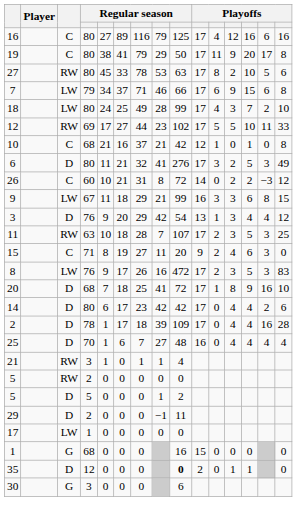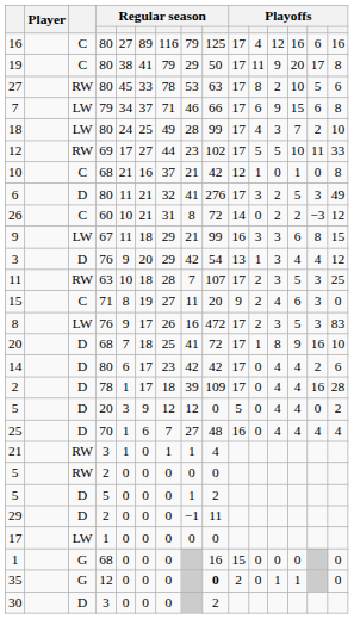 <table class="wikitable sortable plainrowheaders" style="text-align:center;">
 <tr>
 <th scope="col" data-sort-type="number" rowspan="2"></th>
 <th scope="col" rowspan="2">Player</th>
 <th scope="col" rowspan="2"></th>
 <th scope=colgroup colspan=6>Regular season</th>
 <th scope=colgroup colspan=6>Playoffs</th>
 </tr>
 <tr>
 <th scope="col" data-sort-type="number"></th>
 <th scope="col" data-sort-type="number"></th>
 <th scope="col" data-sort-type="number"></th>
 <th scope="col" data-sort-type="number"></th>
 <th scope="col" data-sort-type="number"></th>
 <th scope="col" data-sort-type="number"></th>
 <th scope="col" data-sort-type="number"></th>
 <th scope="col" data-sort-type="number"></th>
 <th scope="col" data-sort-type="number"></th>
 <th scope="col" data-sort-type="number"></th>
 <th scope="col" data-sort-type="number"></th>
 <th scope="col" data-sort-type="number"></th>
 </tr>
 <tr>
 <td scope="row">16</td>
 <td align="left"></td>
 <td>C</td>
 <td>80</td>
 <td>27</td>
 <td>89</td>
 <td>116</td>
 <td>79</td>
 <td>125</td>
 <td>17</td>
 <td>4</td>
 <td>12</td>
 <td>16</td>
 <td>6</td>
 <td>16</td>
 </tr>
 <tr>
 <td scope="row">19</td>
 <td align="left"></td>
 <td>C</td>
 <td>80</td>
 <td>38</td>
 <td>41</td>
 <td>79</td>
 <td>29</td>
 <td>50</td>
 <td>17</td>
 <td>11</td>
 <td>9</td>
 <td>20</td>
 <td>17</td>
 <td>8</td>
 </tr>
 <tr>
 <td scope="row">27</td>
 <td align="left"></td>
 <td>RW</td>
 <td>80</td>
 <td>45</td>
 <td>33</td>
 <td>78</td>
 <td>53</td>
 <td>63</td>
 <td>17</td>
 <td>8</td>
 <td>2</td>
 <td>10</td>
 <td>5</td>
 <td>6</td>
 </tr>
 <tr>
 <td scope="row">7</td>
 <td align="left"></td>
 <td>LW</td>
 <td>79</td>
 <td>34</td>
 <td>37</td>
 <td>71</td>
 <td>46</td>
 <td>66</td>
 <td>17</td>
 <td>6</td>
 <td>9</td>
 <td>15</td>
 <td>6</td>
 <td>8</td>
 </tr>
 <tr>
 <td scope="row">18</td>
 <td align="left"></td>
 <td>LW</td>
 <td>80</td>
 <td>24</td>
 <td>25</td>
 <td>49</td>
 <td>28</td>
 <td>99</td>
 <td>17</td>
 <td>4</td>
 <td>3</td>
 <td>7</td>
 <td>2</td>
 <td>10</td>
 </tr>
 <tr>
 <td scope="row">12</td>
 <td align="left"></td>
 <td>RW</td>
 <td>69</td>
 <td>17</td>
 <td>27</td>
 <td>44</td>
 <td>23</td>
 <td>102</td>
 <td>17</td>
 <td>5</td>
 <td>5</td>
 <td>10</td>
 <td>11</td>
 <td>33</td>
 </tr>
 <tr>
 <td scope="row">10</td>
 <td align="left"></td>
 <td>C</td>
 <td>68</td>
 <td>21</td>
 <td>16</td>
 <td>37</td>
 <td>21</td>
 <td>42</td>
 <td>12</td>
 <td>1</td>
 <td>0</td>
 <td>1</td>
 <td>0</td>
 <td>8</td>
 </tr>
 <tr>
 <td scope="row">6</td>
 <td align="left"></td>
 <td>D</td>
 <td>80</td>
 <td>11</td>
 <td>21</td>
 <td>32</td>
 <td>41</td>
 <td>276</td>
 <td>17</td>
 <td>3</td>
 <td>2</td>
 <td>5</td>
 <td>3</td>
 <td>49</td>
 </tr>
 <tr>
 <td scope="row">26</td>
 <td align="left"></td>
 <td>C</td>
 <td>60</td>
 <td>10</td>
 <td>21</td>
 <td>31</td>
 <td>8</td>
 <td>72</td>
 <td>14</td>
 <td>0</td>
 <td>2</td>
 <td>2</td>
 <td>−3</td>
 <td>12</td>
 </tr>
 <tr>
 <td scope="row">9</td>
 <td align="left"></td>
 <td>LW</td>
 <td>67</td>
 <td>11</td>
 <td>18</td>
 <td>29</td>
 <td>21</td>
 <td>99</td>
 <td>16</td>
 <td>3</td>
 <td>3</td>
 <td>6</td>
 <td>8</td>
 <td>15</td>
 </tr>
 <tr>
 <td scope="row">3</td>
 <td align="left"></td>
 <td>D</td>
 <td>76</td>
 <td>9</td>
 <td>20</td>
 <td>29</td>
 <td>42</td>
 <td>54</td>
 <td>13</td>
 <td>1</td>
 <td>3</td>
 <td>4</td>
 <td>4</td>
 <td>12</td>
 </tr>
 <tr>
 <td scope="row">11</td>
 <td align="left"></td>
 <td>RW</td>
 <td>63</td>
 <td>10</td>
 <td>18</td>
 <td>28</td>
 <td>7</td>
 <td>107</td>
 <td>17</td>
 <td>2</td>
 <td>3</td>
 <td>5</td>
 <td>3</td>
 <td>25</td>
 </tr>
 <tr>
 <td scope="row">15</td>
 <td align="left"></td>
 <td>C</td>
 <td>71</td>
 <td>8</td>
 <td>19</td>
 <td>27</td>
 <td>11</td>
 <td>20</td>
 <td>9</td>
 <td>2</td>
 <td>4</td>
 <td>6</td>
 <td>3</td>
 <td>0</td>
 </tr>
 <tr>
 <td scope="row">8</td>
 <td align="left"></td>
 <td>LW</td>
 <td>76</td>
 <td>9</td>
 <td>17</td>
 <td>26</td>
 <td>16</td>
 <td>472</td>
 <td>17</td>
 <td>2</td>
 <td>3</td>
 <td>5</td>
 <td>3</td>
 <td>83</td>
 </tr>
 <tr>
 <td scope="row">20</td>
 <td align="left"></td>
 <td>D</td>
 <td>68</td>
 <td>7</td>
 <td>18</td>
 <td>25</td>
 <td>41</td>
 <td>72</td>
 <td>17</td>
 <td>1</td>
 <td>8</td>
 <td>9</td>
 <td>16</td>
 <td>10</td>
 </tr>
 <tr>
 <td scope="row">14</td>
 <td align="left"></td>
 <td>D</td>
 <td>80</td>
 <td>6</td>
 <td>17</td>
 <td>23</td>
 <td>42</td>
 <td>42</td>
 <td>17</td>
 <td>0</td>
 <td>4</td>
 <td>4</td>
 <td>2</td>
 <td>6</td>
 </tr>
 <tr>
 <td scope="row">2</td>
 <td align="left"></td>
 <td>D</td>
 <td>78</td>
 <td>1</td>
 <td>17</td>
 <td>18</td>
 <td>39</td>
 <td>109</td>
 <td>17</td>
 <td>0</td>
 <td>4</td>
 <td>4</td>
 <td>16</td>
 <td>28</td>
 </tr>
 <tr>
+<td scope="row">5</td>
+<td align="left"></td>
+<td>D</td>
+<td>20</td>
+<td>3</td>
+<td>9</td>
+<td>12</td>
+<td>12</td>
+<td>0</td>
+<td>5</td>
+<td>0</td>
+<td>4</td>
+<td>4</td>
+<td>0</td>
+<td>2</td>
+</tr>
+<tr>
 <td scope="row">25</td>
 <td align="left"></td>
 <td>D</td>
 <td>70</td>
 <td>1</td>
 <td>6</td>
 <td>7</td>
 <td>27</td>
 <td>48</td>
 <td>16</td>
 <td>0</td>
 <td>4</td>
 <td>4</td>
 <td>4</td>
 <td>4</td>
 </tr>
 <tr>
 <td scope="row">21</td>
 <td align="left"></td>
 <td>RW</td>
 <td>3</td>
 <td>1</td>
 <td>0</td>
 <td>1</td>
 <td>1</td>
 <td>4</td>
 <td></td>
 <td></td>
 <td></td>
 <td></td>
 <td></td>
 <td></td>
 </tr>
 <tr>
 <td scope="row">5</td>
 <td align="left"></td>
 <td>RW</td>
 <td>2</td>
 <td>0</td>
 <td>0</td>
 <td>0</td>
 <td>0</td>
 <td>0</td>
 <td></td>
 <td></td>
 <td></td>
 <td></td>
 <td></td>
 <td></td>
 </tr>
 <tr>
 <td scope="row">5</td>
 <td align="left"></td>
 <td>D</td>
 <td>5</td>
 <td>0</td>
 <td>0</td>
 <td>0</td>
 <td>1</td>
 <td>2</td>
 <td></td>
 <td></td>
 <td></td>
 <td></td>
 <td></td>
 <td></td>
 </tr>
 <tr>
 <td scope="row">29</td>
 <td align="left"></td>
 <td>D</td>
 <td>2</td>
 <td>0</td>
 <td>0</td>
 <td>0</td>
 <td>−1</td>
 <td>11</td>
 <td></td>
 <td></td>
 <td></td>
 <td></td>
 <td></td>
 <td></td>
 </tr>
 <tr>
 <td scope="row">17</td>
 <td align="left"></td>
 <td>LW</td>
 <td>1</td>
 <td>0</td>
 <td>0</td>
 <td>0</td>
 <td>0</td>
 <td>0</td>
 <td></td>
 <td></td>
 <td></td>
 <td></td>
 <td></td>
 <td></td>
 </tr>
 <tr>
 <td scope="row">1</td>
 <td align="left"></td>
 <td>G</td>
 <td>68</td>
 <td>0</td>
 <td>0</td>
 <td>0</td>
 <td style="background:#ccc"></td>
 <td>16</td>
 <td>15</td>
 <td>0</td>
 <td>0</td>
 <td>0</td>
 <td style="background:#ccc"></td>
 <td>0</td>
 </tr>
 <tr>
 <td scope="row">35</td>
 <td align="left"></td>
-<td>D</td>
+<td>G</td>
 <td>12</td>
 <td>0</td>
 <td>0</td>
 <td>0</td>
 <td style="background:#ccc"></td>
 <td><strong>0</strong></td>
 <td>2</td>
 <td>0</td>
 <td>1</td>
 <td>1</td>
 <td style="background:#ccc"></td>
 <td>0</td>
 </tr>
 <tr>
 <td scope="row">30</td>
 <td align="left"></td>
-<td>G</td>
+<td>D</td>
 <td>3</td>
 <td>0</td>
 <td>0</td>
 <td>0</td>
 <td style="background:#ccc"></td>
-<td>6</td>
+<td>2</td>
 <td></td>
 <td></td>
 <td></td>
 <td></td>
 <td></td>
 <td></td>
 </tr>
 </table>
